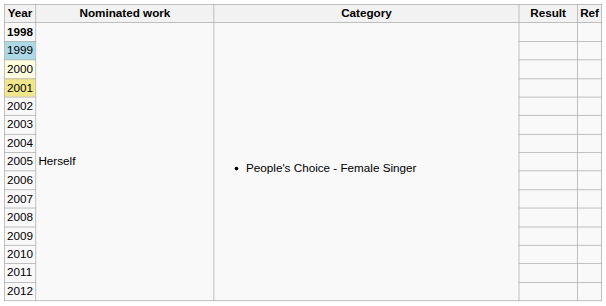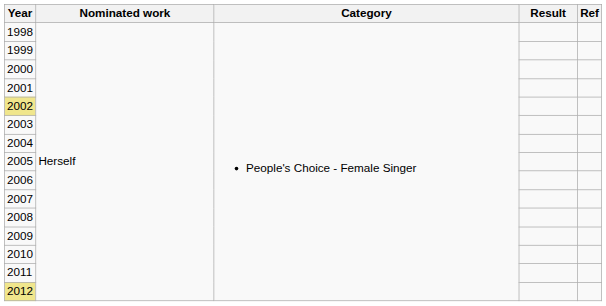 <table class="wikitable">
 <tr>
 <th style="width:10px;">Year</th>
 <th style="width:237px;">Nominated work</th>
 <th style="width:410px;">Category</th>
 <th style="width:73px;">Result</th>
 <th>Ref</th>
 </tr>
 <tr>
-<td><strong>1998</strong></td>
+<td>1998</td>
 <td rowspan=15>Herself</td>
 <td rowspan=15><br><ul><li>People's Choice - Female Singer</li></ul></td>
 <td></td>
 <td align=center></td>
 </tr>
 <tr>
-<td style="background: lightblue;">1999</td>
+<td>1999</td>
 <td></td>
 <td align=center></td>
 </tr>
 <tr>
-<td style="background: lightyellow;">2000</td>
+<td>2000</td>
 <td></td>
 <td align=center></td>
 </tr>
 <tr>
-<td style="background: khaki;">2001</td>
+<td>2001</td>
 <td></td>
 <td align=center></td>
 </tr>
 <tr>
-<td>2002</td>
+<td style="background: khaki;">2002</td>
 <td></td>
 <td align=center></td>
 </tr>
 <tr>
 <td>2003</td>
 <td></td>
 <td align=center></td>
 </tr>
 <tr>
 <td>2004</td>
 <td></td>
 <td align=center></td>
 </tr>
 <tr>
 <td>2005</td>
 <td></td>
 <td align=center></td>
 </tr>
 <tr>
 <td>2006</td>
 <td></td>
 <td align=center></td>
 </tr>
 <tr>
 <td>2007</td>
 <td></td>
 <td align=center></td>
 </tr>
 <tr>
 <td>2008</td>
 <td></td>
 <td align=center></td>
 </tr>
 <tr>
 <td>2009</td>
 <td></td>
 <td align=center></td>
 </tr>
 <tr>
 <td>2010</td>
 <td></td>
 <td align=center></td>
 </tr>
 <tr>
 <td>2011</td>
 <td></td>
 <td align=center></td>
 </tr>
 <tr>
-<td>2012</td>
+<td style="background: khaki;">2012</td>
 <td></td>
 <td align=center></td>
 </tr>
 </table>
